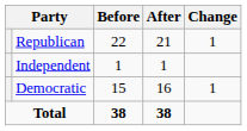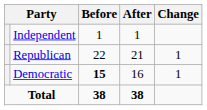 <table class="wikitable" style="text-align:center;">
 <tr>
 <th colspan="2">Party</th>
 <th>Before</th>
 <th>After</th>
 <th>Change</th>
+</tr>
+<tr>
+<th style="background-color:"></th>
+<td style="text-align:left;"><a href='#'>Independent</a></td>
+<td>1</td>
+<td>1</td>
+<td></td>
 </tr>
 <tr>
 <th style="background-color:"></th>
 <td style="text-align:left;"><a href='#'>Republican</a></td>
 <td>22</td>
 <td>21</td>
 <td> 1</td>
 </tr>
 <tr>
 <th style="background-color:"></th>
-<td style="text-align:left;"><a href='#'>Independent</a></td>
-<td>1</td>
-<td>1</td>
-<td></td>
-</tr>
-<tr>
-<th style="background-color:"></th>
 <td style="text-align:left;"><a href='#'>Democratic</a></td>
-<td>15</td>
+<td><strong>15</strong></td>
 <td>16</td>
 <td> 1</td>
 </tr>
 <tr>
 <td colspan="2"><strong>Total</strong></td>
 <td><strong>38</strong></td>
 <td><strong>38</strong></td>
 <td></td>
 </tr>
 </table>
